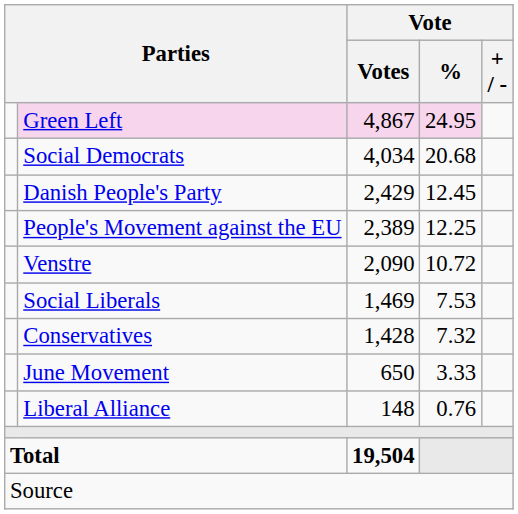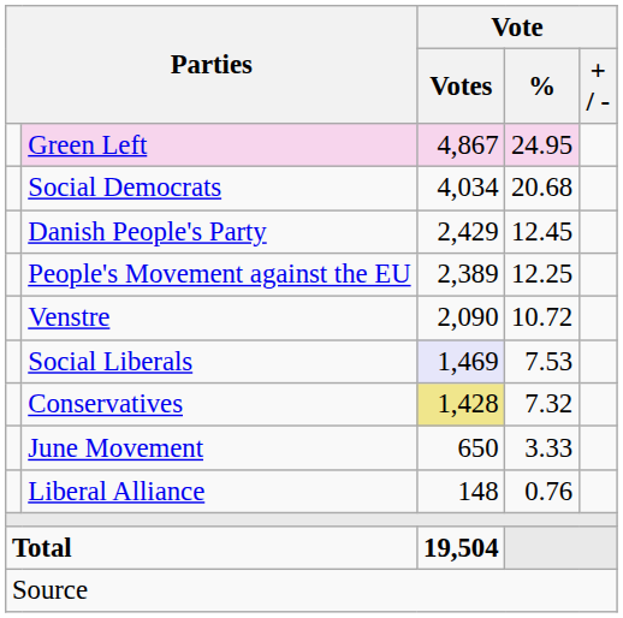 <table class="wikitable" style="text-align:right;">
 <tr>
 <th style="text-align:centre;" rowspan="2" colspan="2" width="225">Parties</th>
 <th colspan="3">Vote</th>
 </tr>
 <tr>
 <th width="15">Votes</th>
 <th width="15">%</th>
 <th width="15">+ / -</th>
 </tr>
 <tr>
 <td width="2" style="color:inherit;background:"></td>
 <td bgcolor=#f7d5ed   align="left"><a href='#'>Green Left</a></td>
 <td bgcolor=#f7d5ed>4,867</td>
 <td bgcolor=#f7d5ed>24.95</td>
 <td></td>
 </tr>
 <tr>
 <td width="2" style="color:inherit;background:"></td>
 <td align="left"><a href='#'>Social Democrats</a></td>
 <td>4,034</td>
 <td>20.68</td>
 <td></td>
 </tr>
 <tr>
 <td width="2" style="color:inherit;background:"></td>
 <td align="left"><a href='#'>Danish People's Party</a></td>
 <td>2,429</td>
 <td>12.45</td>
 <td></td>
 </tr>
 <tr>
 <td width="2" style="color:inherit;background:"></td>
 <td align="left"><a href='#'>People's Movement against the EU</a></td>
 <td>2,389</td>
 <td>12.25</td>
 <td></td>
 </tr>
 <tr>
 <td width="2" style="color:inherit;background:"></td>
 <td align="left"><a href='#'>Venstre</a></td>
 <td>2,090</td>
 <td>10.72</td>
 <td></td>
 </tr>
 <tr>
 <td width="2" style="color:inherit;background:"></td>
 <td align="left"><a href='#'>Social Liberals</a></td>
-<td>1,469</td>
+<td style="background: lavender;">1,469</td>
 <td>7.53</td>
 <td></td>
 </tr>
 <tr>
 <td width="2" style="color:inherit;background:"></td>
 <td align="left"><a href='#'>Conservatives</a></td>
-<td>1,428</td>
+<td style="background: khaki;">1,428</td>
 <td>7.32</td>
 <td></td>
 </tr>
 <tr>
 <td width="2" style="color:inherit;background:"></td>
 <td align="left"><a href='#'>June Movement</a></td>
 <td>650</td>
 <td>3.33</td>
 <td></td>
 </tr>
 <tr>
 <td width="2" style="color:inherit;background:"></td>
 <td align="left"><a href='#'>Liberal Alliance</a></td>
 <td>148</td>
 <td>0.76</td>
 <td></td>
 </tr>
 <tr>
 <td colspan="7" bgcolor="#E9E9E9"></td>
 </tr>
 <tr>
 <td align="left" colspan="2"><strong>Total</strong></td>
 <td><strong>19,504</strong></td>
 <td bgcolor="#E9E9E9" colspan="2"></td>
 </tr>
 <tr>
 <td align="left" colspan="6">Source</td>
 </tr>
 </table>
